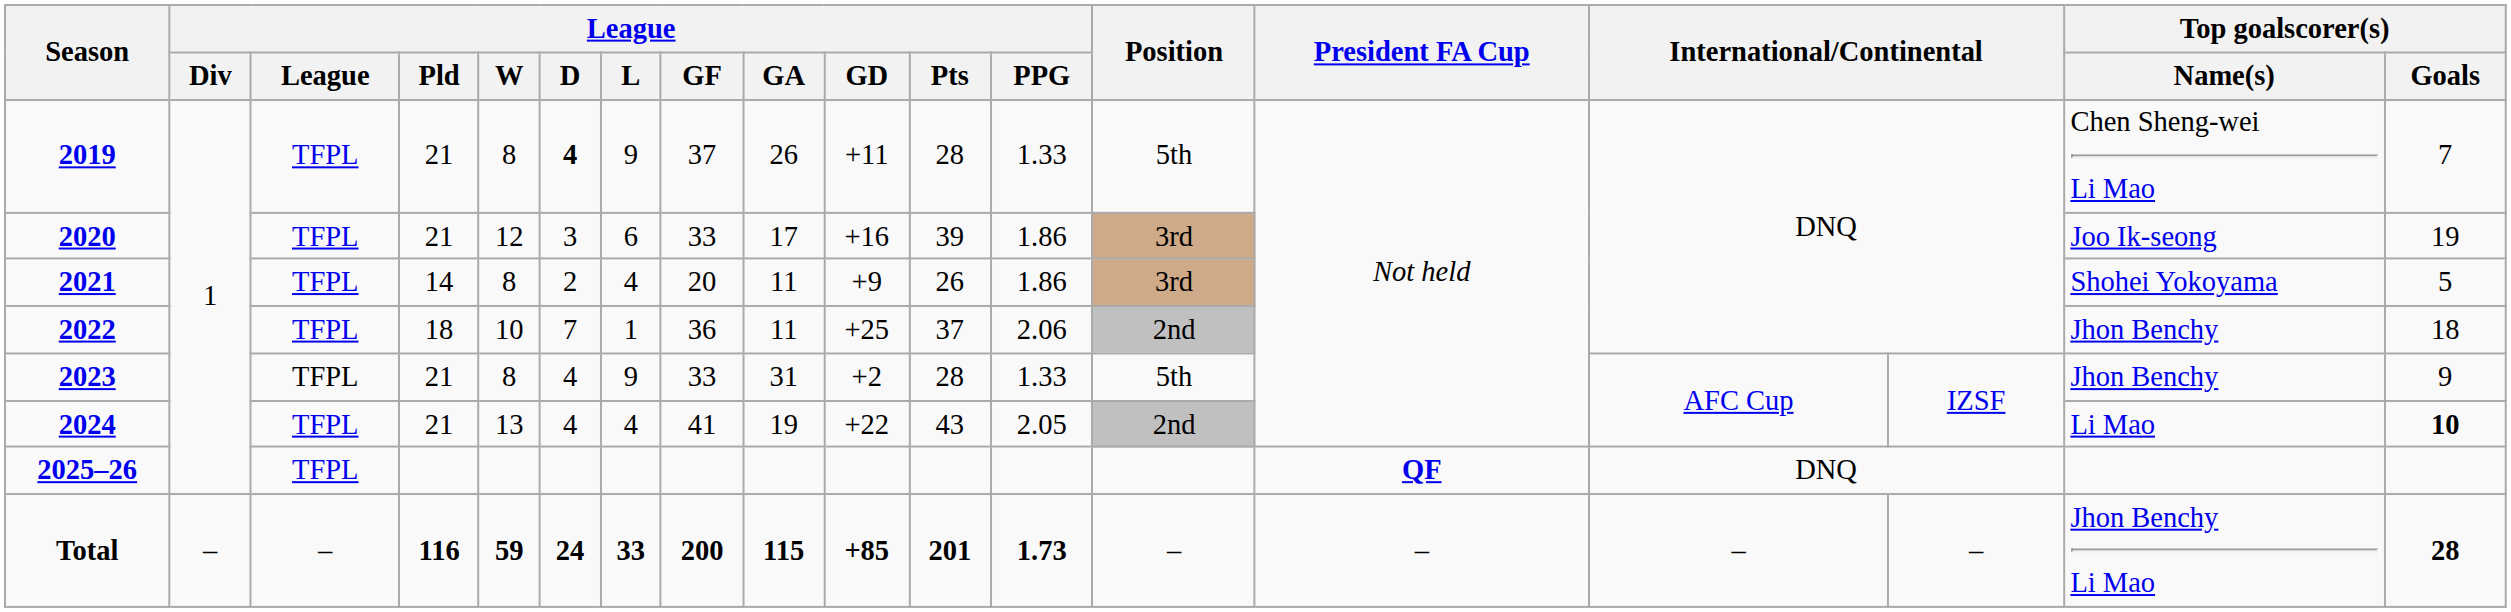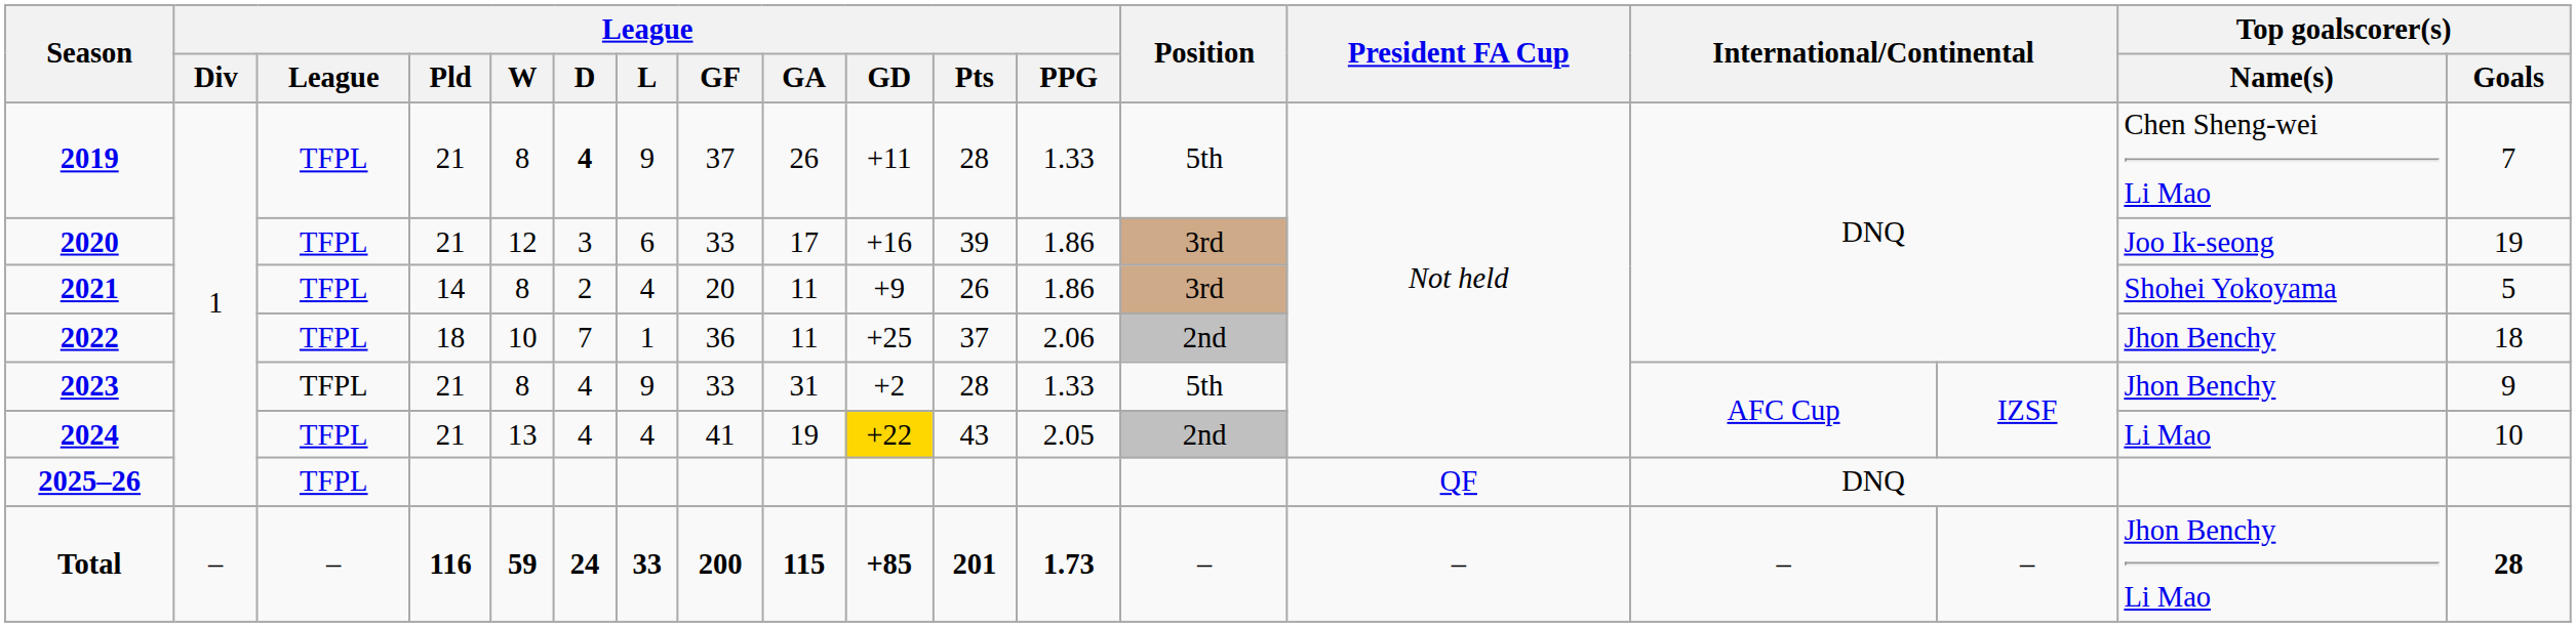 <table class="wikitable"  style="width:100%; font-size:90%; text-align:center;">
 <tr style="background:#f0f6ff;">
 <th rowspan="2">Season</th>
 <th colspan="11"><a href='#'>League</a></th>
 <th rowspan="2">Position</th>
 <th rowspan="2"><a href='#'>President FA Cup</a></th>
 <th rowspan="2" colspan="2">International/Continental</th>
 <th colspan="2">Top goalscorer(s)</th>
 </tr>
 <tr>
 <th>Div</th>
 <th>League</th>
 <th>Pld</th>
 <th>W</th>
 <th>D</th>
 <th>L</th>
 <th>GF</th>
 <th>GA</th>
 <th>GD</th>
 <th>Pts</th>
 <th>PPG</th>
 <th>Name(s)</th>
 <th>Goals</th>
 </tr>
 <tr>
 <td><strong><a href='#'>2019</a></strong></td>
 <td rowspan=7>1</td>
 <td><a href='#'>TFPL</a></td>
 <td>21</td>
 <td>8</td>
 <td><strong>4</strong></td>
 <td>9</td>
 <td>37</td>
 <td>26</td>
 <td>+11</td>
 <td>28</td>
 <td>1.33</td>
 <td>5th</td>
 <td rowspan="6"><em>Not held</em></td>
 <td colspan="2" rowspan="4">DNQ</td>
 <td align="left"> Chen Sheng-wei<hr> <a href='#'>Li Mao</a></td>
 <td>7</td>
 </tr>
 <tr>
 <td><strong><a href='#'>2020</a></strong></td>
 <td><a href='#'>TFPL</a></td>
 <td>21</td>
 <td>12</td>
 <td>3</td>
 <td>6</td>
 <td>33</td>
 <td>17</td>
 <td>+16</td>
 <td>39</td>
 <td>1.86</td>
 <td style="background:#cfaa88;">3rd</td>
 <td align="left"> <a href='#'>Joo Ik-seong</a></td>
 <td>19</td>
 </tr>
 <tr>
 <td><strong><a href='#'>2021</a></strong></td>
 <td><a href='#'>TFPL</a></td>
 <td>14</td>
 <td>8</td>
 <td>2</td>
 <td>4</td>
 <td>20</td>
 <td>11</td>
 <td>+9</td>
 <td>26</td>
 <td>1.86</td>
 <td style="background:#cfaa88;">3rd</td>
 <td align="left"> <a href='#'>Shohei Yokoyama</a></td>
 <td>5</td>
 </tr>
 <tr>
 <td><strong><a href='#'>2022</a></strong></td>
 <td><a href='#'>TFPL</a></td>
 <td>18</td>
 <td>10</td>
 <td>7</td>
 <td>1</td>
 <td>36</td>
 <td>11</td>
 <td>+25</td>
 <td>37</td>
 <td>2.06</td>
 <td style="background:silver;">2nd</td>
 <td align="left"> <a href='#'>Jhon Benchy</a></td>
 <td>18</td>
 </tr>
 <tr>
 <td><strong><a href='#'>2023</a></strong></td>
 <td>TFPL</td>
 <td>21</td>
 <td>8</td>
 <td>4</td>
 <td>9</td>
 <td>33</td>
 <td>31</td>
 <td>+2</td>
 <td>28</td>
 <td>1.33</td>
 <td>5th</td>
 <td rowspan="2"><a href='#'>AFC Cup</a></td>
 <td rowspan="2"><a href='#'>IZSF</a></td>
 <td align="left"> <a href='#'>Jhon Benchy</a></td>
 <td>9</td>
 </tr>
 <tr>
 <td><strong><a href='#'>2024</a></strong></td>
 <td><a href='#'>TFPL</a></td>
 <td>21</td>
 <td>13</td>
 <td>4</td>
 <td>4</td>
 <td>41</td>
 <td>19</td>
-<td>+22</td>
+<td style="background: gold;">+22</td>
 <td>43</td>
 <td>2.05</td>
 <td style="background:silver;">2nd</td>
 <td align="left"> <a href='#'>Li Mao</a></td>
-<td><strong>10</strong></td>
+<td>10</td>
 </tr>
 <tr>
 <td><strong><a href='#'>2025–26</a></strong></td>
 <td><a href='#'>TFPL</a></td>
 <td></td>
 <td></td>
 <td></td>
 <td></td>
 <td></td>
 <td></td>
 <td></td>
 <td></td>
 <td></td>
 <td></td>
-<td><strong><a href='#'>QF</a></strong></td>
+<td><a href='#'>QF</a></td>
 <td colspan="2">DNQ</td>
 <td align="left"></td>
 <td></td>
 </tr>
 <tr>
 <td><strong>Total</strong></td>
 <td>–</td>
 <td>–</td>
 <td><strong>116</strong> </td>
 <td><strong>59</strong> </td>
 <td><strong>24</strong> </td>
 <td><strong>33</strong> </td>
 <td><strong>200</strong> </td>
 <td><strong>115</strong> </td>
 <td><strong>+85</strong> </td>
 <td><strong>201</strong> </td>
 <td><strong>1.73</strong> </td>
 <td>–</td>
 <td>–</td>
 <td>–</td>
 <td>–</td>
 <td align="left"> <a href='#'>Jhon Benchy</a><hr> <a href='#'>Li Mao</a></td>
 <td><strong>28</strong></td>
 </tr>
 </table>
